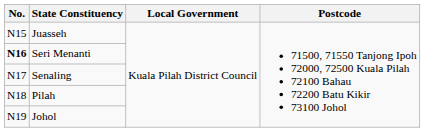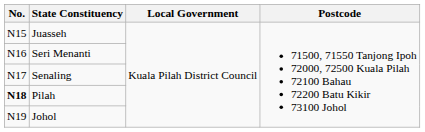 <table class="wikitable">
 <tr>
 <th>No.</th>
 <th>State Constituency</th>
 <th>Local Government</th>
 <th>Postcode</th>
 </tr>
 <tr>
 <td>N15</td>
 <td>Juasseh</td>
 <td rowspan="5">Kuala Pilah District Council</td>
 <td rowspan="5"><br><ul><li>71500, 71550 Tanjong Ipoh</li><li>72000, 72500 Kuala Pilah</li><li>72100 Bahau</li><li>72200 Batu Kikir</li><li>73100 Johol</li></ul></td>
 </tr>
 <tr>
-<td><strong>N16</strong></td>
+<td>N16</td>
 <td>Seri Menanti</td>
 </tr>
 <tr>
 <td>N17</td>
 <td>Senaling</td>
 </tr>
 <tr>
-<td>N18</td>
+<td><strong>N18</strong></td>
 <td>Pilah</td>
 </tr>
 <tr>
 <td>N19</td>
 <td>Johol</td>
 </tr>
 </table>
